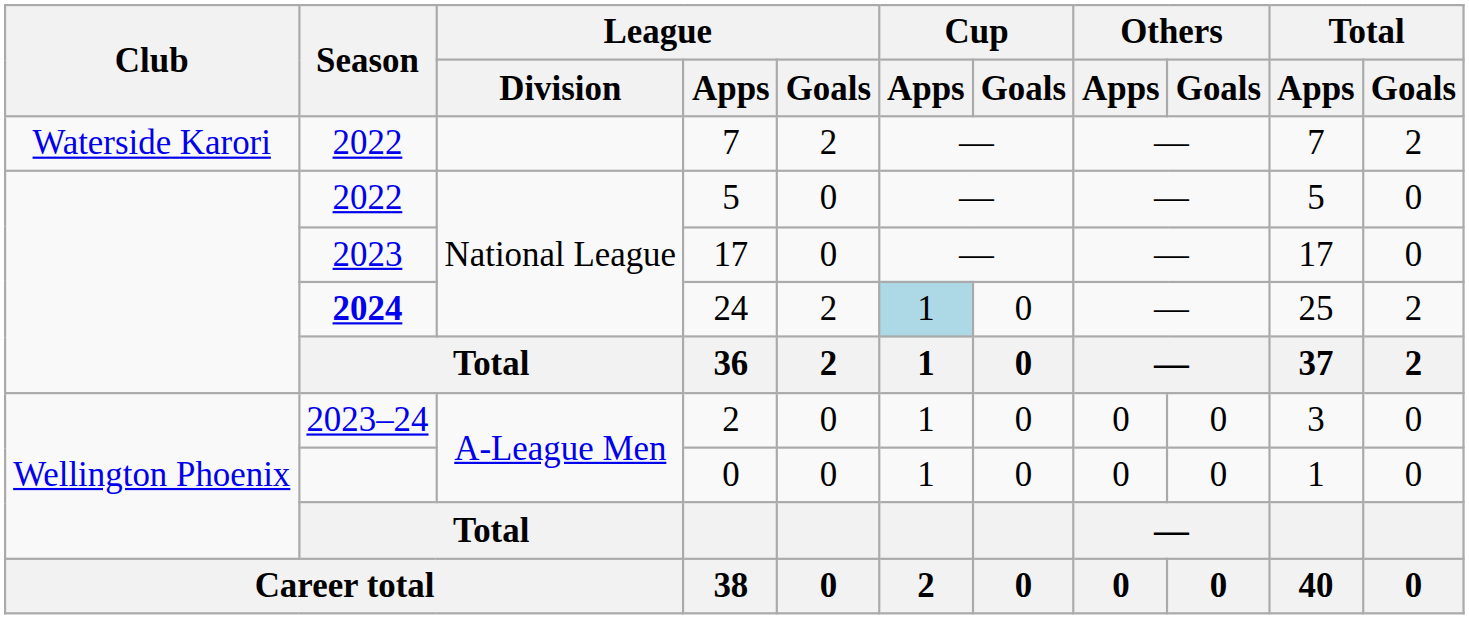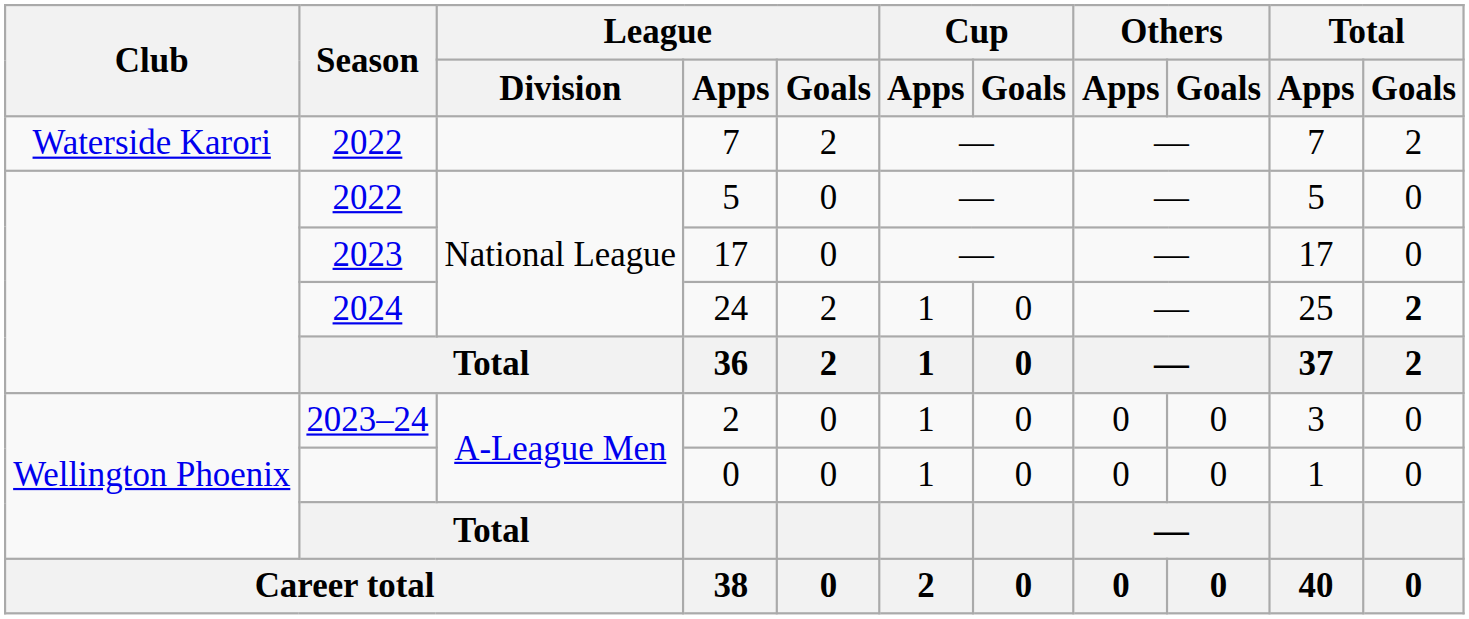 <table class="wikitable" style="text-align: center;">
 <tr>
 <th rowspan=2>Club</th>
 <th rowspan=2>Season</th>
 <th colspan=3>League</th>
 <th colspan=2>Cup</th>
 <th colspan=2>Others</th>
 <th colspan=2>Total</th>
 </tr>
 <tr>
 <th>Division</th>
 <th>Apps</th>
 <th>Goals</th>
 <th>Apps</th>
 <th>Goals</th>
 <th>Apps</th>
 <th>Goals</th>
 <th>Apps</th>
 <th>Goals</th>
 </tr>
 <tr>
 <td><a href='#'>Waterside Karori</a></td>
 <td><a href='#'>2022</a></td>
 <td></td>
 <td>7</td>
 <td>2</td>
 <td colspan=2>—</td>
 <td colspan=2>—</td>
 <td>7</td>
 <td>2</td>
 </tr>
 <tr>
 <td rowspan=4></td>
 <td><a href='#'>2022</a></td>
 <td rowspan=3>National League</td>
 <td>5</td>
 <td>0</td>
 <td colspan=2>—</td>
 <td colspan=2>—</td>
 <td>5</td>
 <td>0</td>
 </tr>
 <tr>
 <td><a href='#'>2023</a></td>
 <td>17</td>
 <td>0</td>
 <td colspan=2>—</td>
 <td colspan=2>—</td>
 <td>17</td>
 <td>0</td>
 </tr>
 <tr>
-<td><strong><a href='#'>2024</a></strong></td>
+<td><a href='#'>2024</a></td>
 <td>24</td>
 <td>2</td>
-<td style="background: lightblue;">1</td>
+<td>1</td>
 <td>0</td>
 <td colspan=2>—</td>
 <td>25</td>
-<td>2</td>
+<td><strong>2</strong></td>
 </tr>
 <tr>
 <th colspan=2>Total</th>
 <th>36</th>
 <th>2</th>
 <th>1</th>
 <th>0</th>
 <th colspan=2>—</th>
 <th>37</th>
 <th>2</th>
 </tr>
 <tr>
 <td rowspan=3><a href='#'>Wellington Phoenix</a></td>
 <td><a href='#'>2023–24</a></td>
 <td rowspan=2><a href='#'>A-League Men</a></td>
 <td>2</td>
 <td>0</td>
 <td>1</td>
 <td>0</td>
 <td>0</td>
 <td>0</td>
 <td>3</td>
 <td>0</td>
 </tr>
 <tr>
 <td></td>
 <td>0</td>
 <td>0</td>
 <td>1</td>
 <td>0</td>
 <td>0</td>
 <td>0</td>
 <td>1</td>
 <td>0</td>
 </tr>
 <tr>
 <th colspan=2>Total</th>
 <th></th>
 <th></th>
 <th></th>
 <th></th>
 <th colspan=2>—</th>
 <th></th>
 <th></th>
 </tr>
 <tr>
 <th colspan=3>Career total</th>
 <th>38</th>
 <th>0</th>
 <th>2</th>
 <th>0</th>
 <th>0</th>
 <th>0</th>
 <th>40</th>
 <th>0</th>
 </tr>
 </table>
